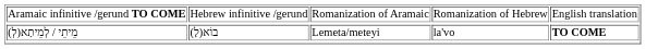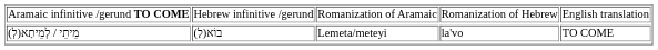 <table border=1>
 <tr>
 <td>Aramaic infinitive /gerund  <strong> TO COME </strong></td>
 <td>Hebrew infinitive /gerund</td>
 <td>Romanization of Aramaic</td>
 <td>Romanization of Hebrew</td>
 <td>English translation</td>
 </tr>
 <tr>
 </tr>
 <tr>
 <td>(לְ)מֵיתֵי / לְמֵיתָא</td>
 <td>(לָ)בוֹא</td>
 <td>Lemeta/meteyi</td>
 <td>la'vo</td>
-<td><strong>TO COME</strong></td>
+<td>TO COME</td>
 </tr>
 <tr>
 </tr>
 </table>
